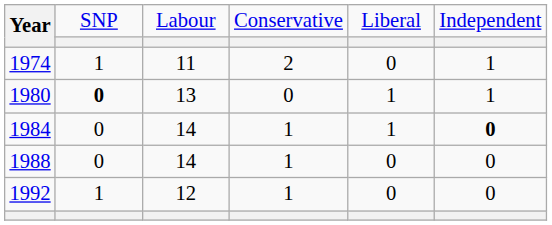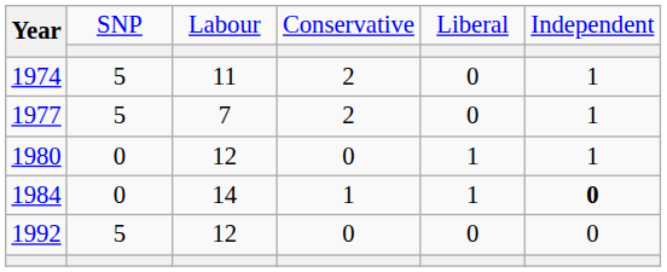 <table class=wikitable style=text-align:center>
 <tr>
 <th rowspan=2>Year</th>
 <td width="60"><a href='#'>SNP</a></td>
 <td width="60"><a href='#'>Labour</a></td>
 <td width="60"><a href='#'>Conservative</a></td>
 <td width="60"><a href='#'>Liberal</a></td>
 <td width="60"><a href='#'>Independent</a></td>
 </tr>
 <tr>
 <th style="background-color: "></th>
 <th style="background-color: "></th>
 <th style="background-color: "></th>
 <th style="background-color: "></th>
 <th style="background-color: "></th>
 </tr>
 <tr>
 <td><a href='#'>1974</a></td>
-<td>1</td>
+<td>5</td>
 <td>11</td>
 <td>2</td>
 <td>0</td>
 <td>1</td>
 </tr>
 <tr>
+<td><a href='#'>1977</a></td>
+<td>5</td>
+<td>7</td>
+<td>2</td>
+<td>0</td>
+<td>1</td>
+</tr>
+<tr>
 <td><a href='#'>1980</a></td>
-<td><strong>0</strong></td>
-<td>13</td>
+<td>0</td>
+<td>12</td>
 <td>0</td>
 <td>1</td>
 <td>1</td>
 </tr>
 <tr>
 <td><a href='#'>1984</a></td>
 <td>0</td>
 <td>14</td>
 <td>1</td>
 <td>1</td>
 <td><strong>0</strong></td>
 </tr>
 <tr>
-<td><a href='#'>1988</a></td>
+<td><a href='#'>1992</a></td>
+<td>5</td>
+<td>12</td>
 <td>0</td>
-<td>14</td>
-<td>1</td>
-<td>0</td>
-<td>0</td>
-</tr>
-<tr>
-<td><a href='#'>1992</a></td>
-<td>1</td>
-<td>12</td>
-<td>1</td>
 <td>0</td>
 <td>0</td>
 </tr>
 <tr>
 <th></th>
 <th style="background-color: "></th>
 <th style="background-color: "></th>
 <th style="background-color: "></th>
 <th style="background-color: "></th>
 <th style="background-color: "></th>
 </tr>
 </table>
